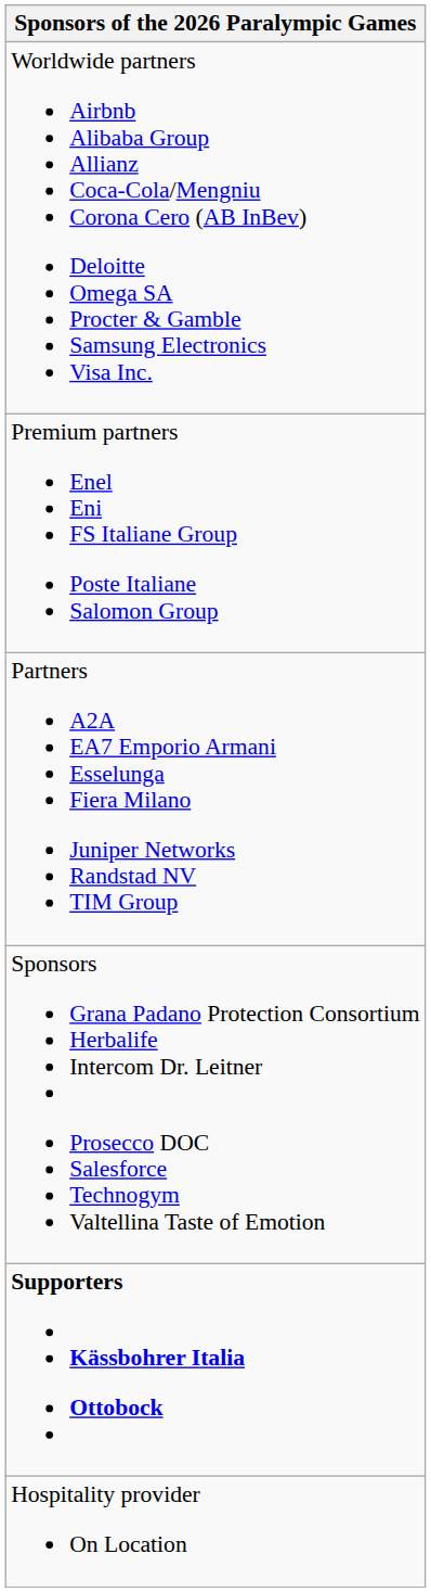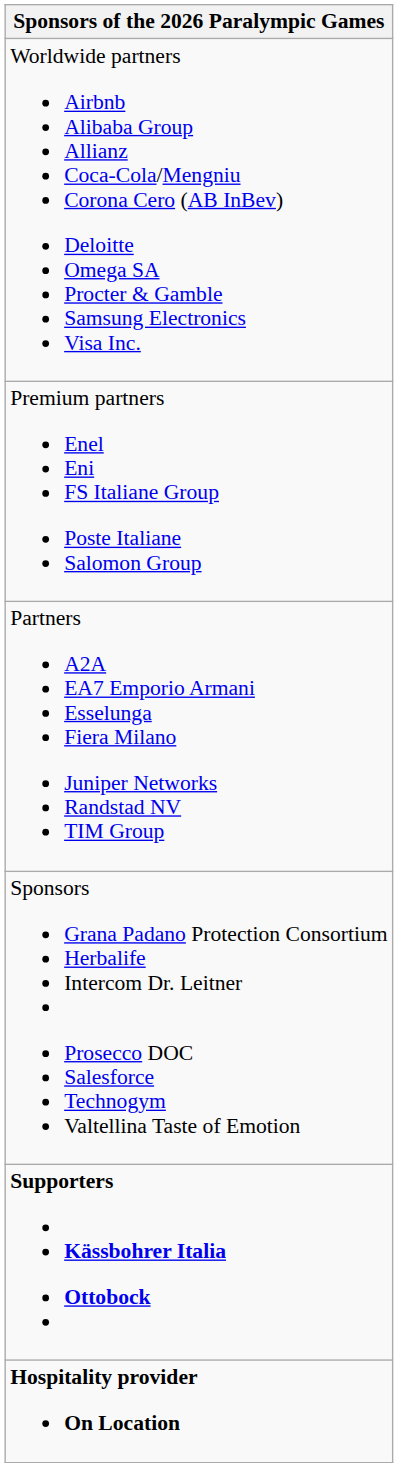 <table class="wikitable collapsible" style="float:center; margin:10px">
 <tr>
 <th>Sponsors of the 2026 Paralympic Games</th>
 </tr>
 <tr>
 <td>Worldwide partners<br> <ul><li><a href='#'>Airbnb</a></li><li><a href='#'>Alibaba Group</a></li><li><a href='#'>Allianz</a></li><li><a href='#'>Coca-Cola</a>/<a href='#'>Mengniu</a></li><li><a href='#'>Corona Cero</a> (<a href='#'>AB InBev</a>)</li></ul><ul><li><a href='#'>Deloitte</a></li><li><a href='#'>Omega SA</a></li><li><a href='#'>Procter & Gamble</a></li><li><a href='#'>Samsung Electronics</a></li><li><a href='#'>Visa Inc.</a></li></ul></td>
 </tr>
 <tr>
 <td>Premium partners<br> <ul><li><a href='#'>Enel</a></li><li><a href='#'>Eni</a></li><li><a href='#'>FS Italiane Group</a></li></ul><ul><li><a href='#'>Poste Italiane</a></li><li><a href='#'>Salomon Group</a></li></ul></td>
 </tr>
 <tr>
 <td>Partners<br> <ul><li><a href='#'>A2A</a></li><li><a href='#'>EA7 Emporio Armani</a></li><li><a href='#'>Esselunga</a></li><li><a href='#'>Fiera Milano</a></li></ul><ul><li><a href='#'>Juniper Networks</a></li><li><a href='#'>Randstad NV</a></li><li><a href='#'>TIM Group</a></li></ul></td>
 </tr>
 <tr>
 <td>Sponsors<br> <ul><li><a href='#'>Grana Padano</a> Protection Consortium</li><li><a href='#'>Herbalife</a></li><li>Intercom Dr. Leitner</li><li></li></ul><ul><li><a href='#'>Prosecco</a> DOC</li><li><a href='#'>Salesforce</a></li><li><a href='#'>Technogym</a></li><li>Valtellina Taste of Emotion</li></ul></td>
 </tr>
 <tr>
 <td><strong>Supporters<br> <ul><li></li><li><a href='#'>Kässbohrer Italia</a></li></ul><ul><li><a href='#'>Ottobock</a></li><li></li></ul></strong></td>
 </tr>
 <tr>
-<td>Hospitality provider<br><ul><li>On Location</li></ul></td>
+<td><strong>Hospitality provider<br><ul><li>On Location</li></ul></strong></td>
 </tr>
 </table>
